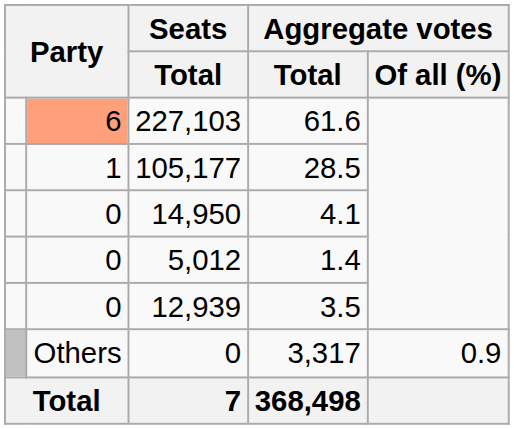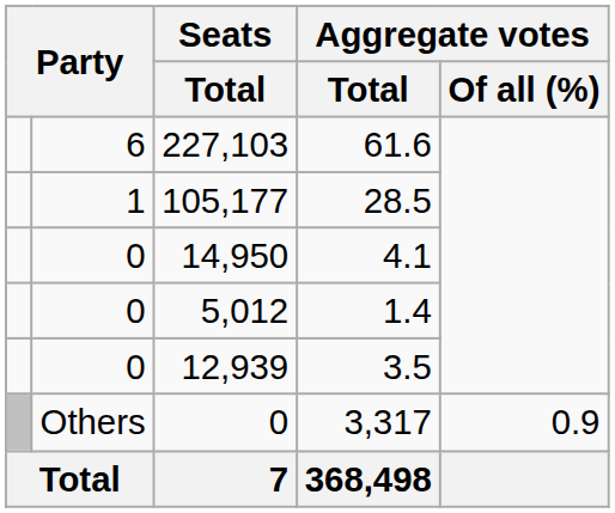 <table class="wikitable" style="text-align:right; font-size:95%;">
 <tr>
 <th colspan="2" rowspan="2">Party</th>
 <th>Seats</th>
 <th colspan="2">Aggregate votes</th>
 </tr>
 <tr>
 <th>Total</th>
 <th>Total</th>
 <th>Of all (%)</th>
 </tr>
 <tr>
 <td></td>
-<td style="background: lightsalmon;">6</td>
+<td>6</td>
 <td>227,103</td>
 <td>61.6</td>
 </tr>
 <tr>
 <td></td>
 <td>1</td>
 <td>105,177</td>
 <td>28.5</td>
 </tr>
 <tr>
 <td></td>
 <td>0</td>
 <td>14,950</td>
 <td>4.1</td>
 </tr>
 <tr>
 <td></td>
 <td>0</td>
 <td>5,012</td>
 <td>1.4</td>
 </tr>
 <tr>
 <td></td>
 <td>0</td>
 <td>12,939</td>
 <td>3.5</td>
 </tr>
 <tr>
 <td style="background:silver;"> </td>
 <td align=left>Others</td>
 <td>0</td>
 <td>3,317</td>
 <td>0.9</td>
 </tr>
 <tr>
 <th colspan="2" style="background:#f2f2f2"><strong>Total</strong></th>
 <td style="background:#f2f2f2;"><strong>7</strong></td>
 <td style="background:#f2f2f2;"><strong>368,498</strong></td>
 <td style="background:#f2f2f2;"></td>
 </tr>
 </table>
